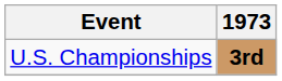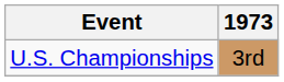 <table class="wikitable">
 <tr>
 <th>Event</th>
 <th>1973</th>
 </tr>
 <tr>
 <td><a href='#'>U.S. Championships</a></td>
-<td align="center" bgcolor="#cc9966"><strong>3rd</strong></td>
+<td align="center" bgcolor="#cc9966">3rd</td>
 </tr>
 <tr>
 </tr>
 </table>
